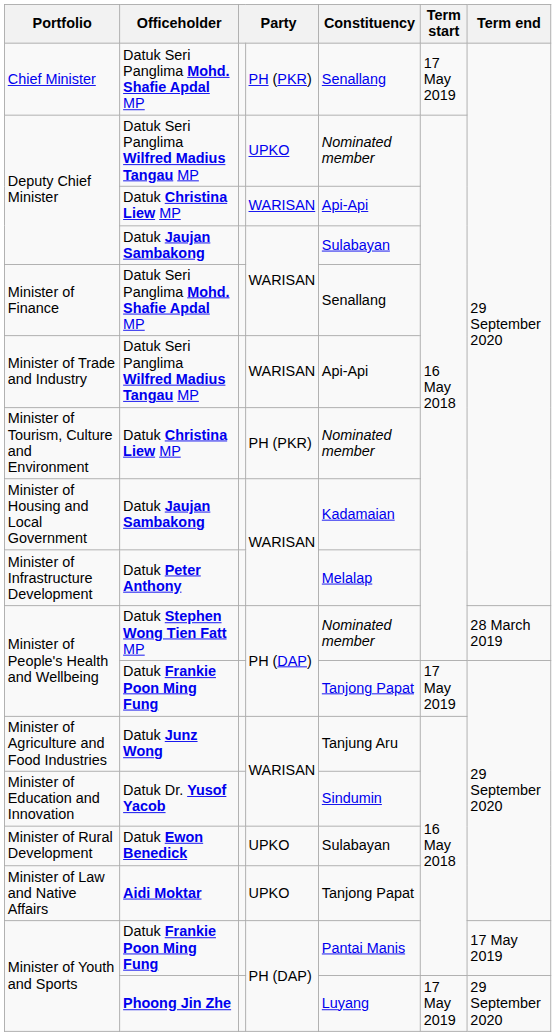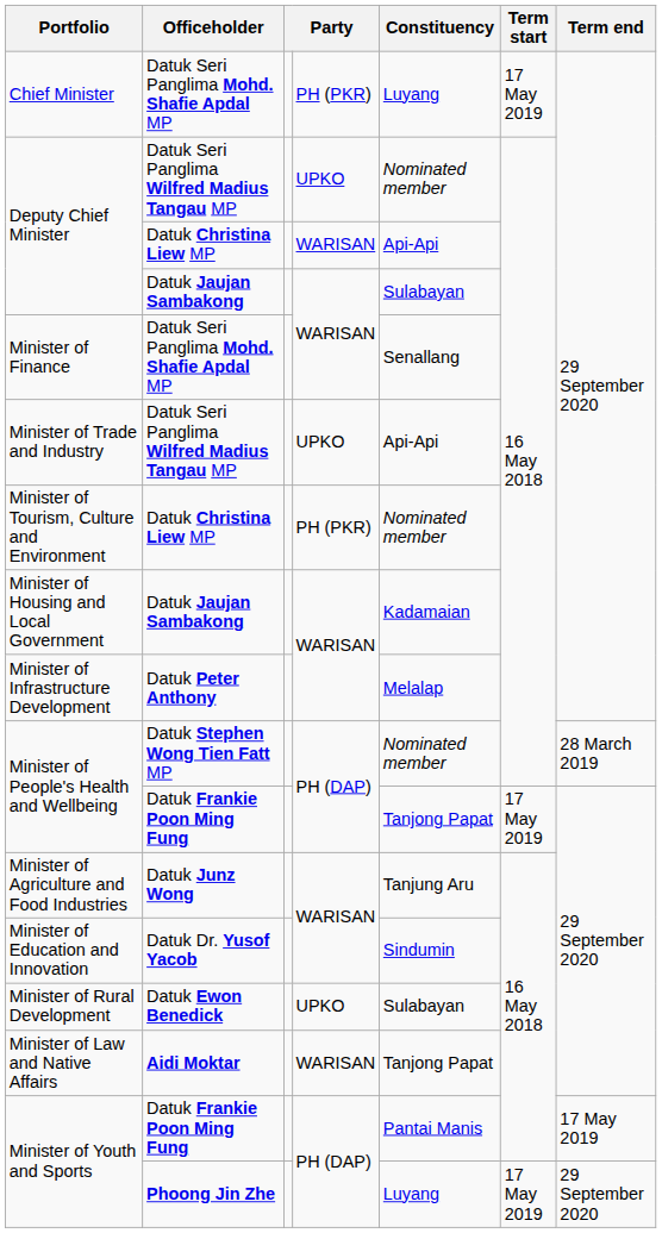 <table class="wikitable sortable">
 <tr>
 <th>Portfolio</th>
 <th>Officeholder</th>
 <th colspan="2">Party</th>
 <th>Constituency</th>
 <th>Term start</th>
 <th>Term end</th>
 </tr>
 <tr>
 <td><a href='#'>Chief Minister</a></td>
 <td>Datuk Seri Panglima <strong><a href='#'>Mohd. Shafie Apdal</a></strong> <a href='#'>MP</a></td>
 <td style="background:"></td>
 <td><a href='#'>PH</a> (<a href='#'>PKR</a>)</td>
-<td><a href='#'>Senallang</a></td>
+<td><a href='#'>Luyang</a></td>
 <td>17 May 2019</td>
 <td rowspan="9">29 September 2020</td>
 </tr>
 <tr>
 <td rowspan="3">Deputy Chief Minister</td>
 <td>Datuk Seri Panglima <strong><a href='#'>Wilfred Madius Tangau</a></strong> <a href='#'>MP</a></td>
 <td style="background:"></td>
 <td><a href='#'>UPKO</a></td>
 <td><em>Nominated member</em></td>
 <td rowspan="9">16 May 2018</td>
 </tr>
 <tr>
 <td>Datuk <strong><a href='#'>Christina Liew</a></strong> <a href='#'>MP</a></td>
 <td style="background:"></td>
 <td><a href='#'>WARISAN</a></td>
 <td><a href='#'>Api-Api</a></td>
 </tr>
 <tr>
 <td>Datuk <strong><a href='#'>Jaujan Sambakong</a></strong></td>
 <td style="background:"></td>
 <td rowspan="2">WARISAN</td>
 <td><a href='#'>Sulabayan</a></td>
 </tr>
 <tr>
 <td>Minister of Finance</td>
 <td>Datuk Seri Panglima <strong><a href='#'>Mohd. Shafie Apdal</a></strong> <a href='#'>MP</a></td>
 <td style="background:"></td>
 <td>Senallang</td>
 </tr>
 <tr>
 <td>Minister of Trade and Industry</td>
 <td>Datuk Seri Panglima <strong><a href='#'>Wilfred Madius Tangau</a></strong> <a href='#'>MP</a></td>
 <td style="background:"></td>
-<td>WARISAN</td>
+<td>UPKO</td>
 <td>Api-Api</td>
 </tr>
 <tr>
 <td>Minister of Tourism, Culture and Environment</td>
 <td>Datuk <strong><a href='#'>Christina Liew</a></strong> <a href='#'>MP</a></td>
 <td style="background:"></td>
 <td>PH (PKR)</td>
 <td><em>Nominated member</em></td>
 </tr>
 <tr>
 <td>Minister of Housing and Local Government</td>
 <td>Datuk <strong><a href='#'>Jaujan Sambakong</a></strong></td>
 <td style="background:"></td>
 <td rowspan="2">WARISAN</td>
 <td><a href='#'>Kadamaian</a></td>
 </tr>
 <tr>
 <td>Minister of Infrastructure Development</td>
 <td>Datuk <strong><a href='#'>Peter Anthony</a></strong></td>
 <td style="background:"></td>
 <td><a href='#'>Melalap</a></td>
 </tr>
 <tr>
 <td rowspan="2">Minister of People's Health and Wellbeing</td>
 <td>Datuk <strong><a href='#'>Stephen Wong Tien Fatt</a></strong> <a href='#'>MP</a></td>
 <td style="background:"></td>
 <td rowspan="2">PH (<a href='#'>DAP</a>)</td>
 <td><em>Nominated member</em></td>
 <td>28 March 2019</td>
 </tr>
 <tr>
 <td>Datuk <strong><a href='#'>Frankie Poon Ming Fung</a></strong></td>
 <td style="background:"></td>
 <td><a href='#'>Tanjong Papat</a></td>
 <td>17 May 2019</td>
 <td rowspan="5">29 September 2020</td>
 </tr>
 <tr>
 <td>Minister of Agriculture and Food Industries</td>
 <td>Datuk <strong><a href='#'>Junz Wong</a></strong></td>
 <td style="background:"></td>
 <td rowspan="2">WARISAN</td>
 <td>Tanjung Aru</td>
 <td rowspan="5">16 May 2018</td>
 </tr>
 <tr>
 <td>Minister of Education and Innovation</td>
 <td>Datuk Dr. <strong><a href='#'>Yusof Yacob</a></strong></td>
 <td style="background:"></td>
 <td><a href='#'>Sindumin</a></td>
 </tr>
 <tr>
 <td>Minister of Rural Development</td>
 <td>Datuk <strong><a href='#'>Ewon Benedick</a></strong></td>
 <td style="background:"></td>
 <td>UPKO</td>
 <td>Sulabayan</td>
 </tr>
 <tr>
 <td>Minister of Law and Native Affairs</td>
 <td><strong><a href='#'>Aidi Moktar</a></strong></td>
 <td style="background:"></td>
-<td>UPKO</td>
+<td>WARISAN</td>
 <td>Tanjong Papat</td>
 </tr>
 <tr>
 <td rowspan="2">Minister of Youth and Sports</td>
 <td>Datuk <strong><a href='#'>Frankie Poon Ming Fung</a></strong></td>
 <td style="background:"></td>
 <td rowspan="2">PH (DAP)</td>
 <td><a href='#'>Pantai Manis</a></td>
 <td>17 May 2019</td>
 </tr>
 <tr>
 <td><strong><a href='#'>Phoong Jin Zhe</a></strong></td>
 <td style="background:"></td>
 <td><a href='#'>Luyang</a></td>
 <td>17 May 2019</td>
 <td>29 September 2020</td>
 </tr>
 </table>
